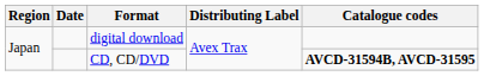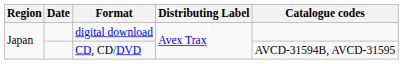 <table class="wikitable">
 <tr>
 <th>Region</th>
 <th>Date</th>
 <th>Format</th>
 <th>Distributing Label</th>
 <th>Catalogue codes</th>
 </tr>
 <tr>
 <td rowspan=2>Japan</td>
 <td></td>
 <td><a href='#'>digital download</a></td>
 <td rowspan=2><a href='#'>Avex Trax</a></td>
 <td></td>
 </tr>
 <tr>
 <td></td>
 <td><a href='#'>CD</a>, CD/<a href='#'>DVD</a></td>
-<td><strong>AVCD-31594B, AVCD-31595</strong></td>
+<td>AVCD-31594B, AVCD-31595</td>
 </tr>
 </table>
